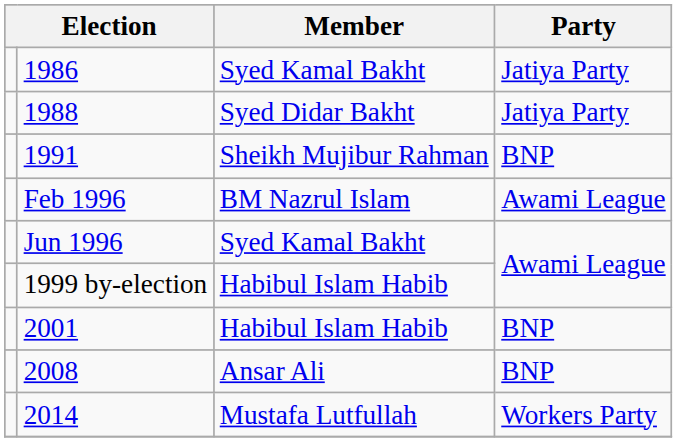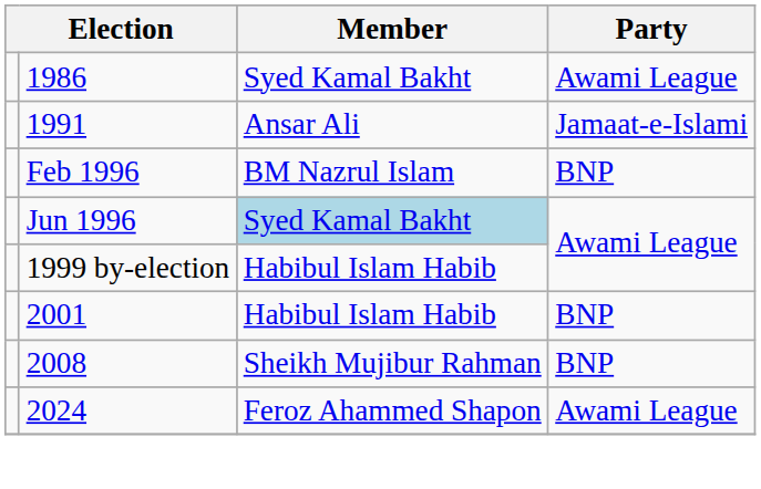 <table class="wikitable">
 <tr>
 <th colspan="2">Election</th>
 <th>Member</th>
 <th>Party</th>
 </tr>
 <tr>
 <td style="background-color:"></td>
 <td><a href='#'>1986</a></td>
 <td><a href='#'>Syed Kamal Bakht</a></td>
-<td><a href='#'>Jatiya Party</a></td>
-</tr>
-<tr>
-<td style="background-color:"></td>
-<td><a href='#'>1988</a></td>
-<td><a href='#'>Syed Didar Bakht</a></td>
-<td><a href='#'>Jatiya Party</a></td>
+<td><a href='#'>Awami League</a></td>
 </tr>
 <tr>
 <td style="background-color:"></td>
 <td><a href='#'>1991</a></td>
-<td><a href='#'>Sheikh Mujibur Rahman</a></td>
-<td><a href='#'>BNP</a></td>
+<td><a href='#'>Ansar Ali</a></td>
+<td><a href='#'>Jamaat-e-Islami</a></td>
 </tr>
 <tr>
 <td style="background-color:"></td>
 <td><a href='#'>Feb 1996</a></td>
 <td><a href='#'>BM Nazrul Islam</a></td>
-<td><a href='#'>Awami League</a></td>
+<td><a href='#'>BNP</a></td>
 </tr>
 <tr>
 <td style="background-color:"></td>
 <td><a href='#'>Jun 1996</a></td>
-<td><a href='#'>Syed Kamal Bakht</a></td>
+<td style="background: lightblue;"><a href='#'>Syed Kamal Bakht</a></td>
 <td rowspan="2"><a href='#'>Awami League</a></td>
 </tr>
 <tr>
 <td style="background-color:"></td>
 <td>1999 by-election</td>
 <td><a href='#'>Habibul Islam Habib</a></td>
 </tr>
 <tr>
 <td style="background-color:"></td>
 <td><a href='#'>2001</a></td>
 <td><a href='#'>Habibul Islam Habib</a></td>
 <td><a href='#'>BNP</a></td>
 </tr>
 <tr>
 <td style="background-color:"></td>
 <td><a href='#'>2008</a></td>
-<td><a href='#'>Ansar Ali</a></td>
+<td><a href='#'>Sheikh Mujibur Rahman</a></td>
 <td><a href='#'>BNP</a></td>
 </tr>
 <tr>
 <td style="background-color:"></td>
-<td><a href='#'>2014</a></td>
-<td><a href='#'>Mustafa Lutfullah</a></td>
-<td><a href='#'>Workers Party</a></td>
+<td><a href='#'>2024</a></td>
+<td><a href='#'>Feroz Ahammed Shapon</a></td>
+<td><a href='#'>Awami League</a></td>
 </tr>
 <tr>
 </tr>
 </table>
